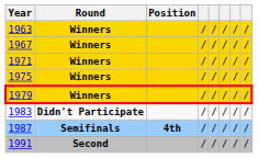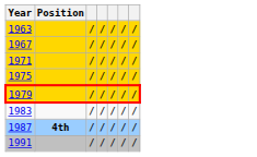 <table class="wikitable" style="text-align:center">
 <tr>
 <th>Year</th>
-<th>Round</th>
 <th>Position</th>
 <th></th>
 <th></th>
 <th></th>
 <th></th>
 <th></th>
 </tr>
 <tr bgcolor=gold>
 <td> <a href='#'>1963</a></td>
-<td><strong>Winners</strong></td>
 <td></td>
 <td>/</td>
 <td>/</td>
 <td>/</td>
 <td>/</td>
 <td>/</td>
 </tr>
 <tr bgcolor=gold>
 <td> <a href='#'>1967</a></td>
-<td><strong>Winners</strong></td>
 <td></td>
 <td>/</td>
 <td>/</td>
 <td>/</td>
 <td>/</td>
 <td>/</td>
 </tr>
 <tr bgcolor=gold>
 <td> <a href='#'>1971</a></td>
-<td><strong>Winners</strong></td>
 <td></td>
 <td>/</td>
 <td>/</td>
 <td>/</td>
 <td>/</td>
 <td>/</td>
 </tr>
 <tr bgcolor=gold>
 <td> <a href='#'>1975</a></td>
-<td><strong>Winners</strong></td>
 <td></td>
 <td>/</td>
 <td>/</td>
 <td>/</td>
 <td>/</td>
 <td>/</td>
 </tr>
 <tr style="border: 3px solid red" - bgcolor=gold>
 <td> <a href='#'>1979</a></td>
-<td><strong>Winners</strong></td>
 <td></td>
 <td>/</td>
 <td>/</td>
 <td>/</td>
 <td>/</td>
 <td>/</td>
 </tr>
 <tr>
 <td> <a href='#'>1983</a></td>
-<td><strong>Didn't Participate</strong></td>
 <td></td>
 <td>/</td>
 <td>/</td>
 <td>/</td>
 <td>/</td>
 <td>/</td>
 </tr>
 <tr style="background:#9acdff">
 <td> <a href='#'>1987</a></td>
-<td><strong>Semifinals</strong></td>
 <td><strong>4th</strong></td>
 <td>/</td>
 <td>/</td>
 <td>/</td>
 <td>/</td>
 <td>/</td>
 </tr>
 <tr bgcolor=silver>
 <td> <a href='#'>1991</a></td>
-<td><strong>Second</strong></td>
 <td></td>
 <td>/</td>
 <td>/</td>
 <td>/</td>
 <td>/</td>
 <td>/</td>
 </tr>
 </table>
